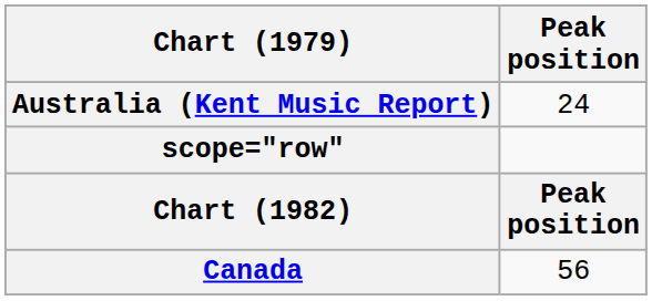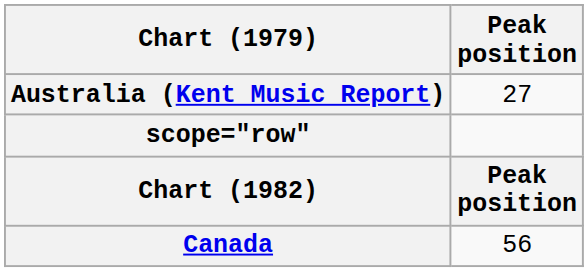 <table class="wikitable sortable plainrowheaders">
 <tr>
 <th scope="col">Chart (1979)</th>
 <th scope="col">Peak<br>position</th>
 </tr>
 <tr>
 <th scope="row">Australia (<a href='#'>Kent Music Report</a>)</th>
-<td style="text-align:center;">24</td>
+<td style="text-align:center;">27</td>
 </tr>
 <tr>
 <th>scope="row"</th>
 </tr>
 <tr>
 <th scope="col">Chart (1982)</th>
 <th scope="col">Peak<br>position</th>
 </tr>
 <tr>
 <th scope="row"><a href='#'>Canada</a></th>
 <td align="center">56</td>
 </tr>
 </table>
